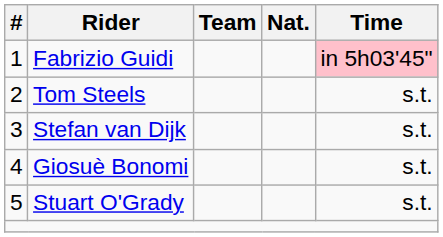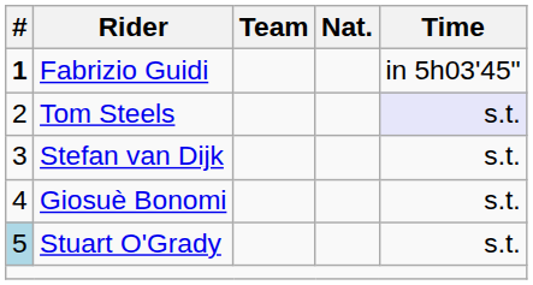 <table class=wikitable>
 <tr>
 <th align=right>#</th>
 <th>Rider</th>
 <th>Team</th>
 <th>Nat.</th>
 <th align=right>Time</th>
 </tr>
 <tr>
-<td align=right>1</td>
+<td align=right><strong>1</strong></td>
 <td><a href='#'>Fabrizio Guidi</a></td>
 <td></td>
 <td></td>
-<td align=right style="background: pink;">in 5h03'45"</td>
+<td align=right>in 5h03'45"</td>
 </tr>
 <tr>
 <td align=right>2</td>
 <td><a href='#'>Tom Steels</a></td>
 <td></td>
 <td></td>
-<td align=right>s.t.</td>
+<td align=right style="background: lavender;">s.t.</td>
 </tr>
 <tr>
 <td align=right>3</td>
 <td><a href='#'>Stefan van Dijk</a></td>
 <td></td>
 <td></td>
 <td align=right>s.t.</td>
 </tr>
 <tr>
 <td align=right>4</td>
 <td><a href='#'>Giosuè Bonomi</a></td>
 <td></td>
 <td></td>
 <td align=right>s.t.</td>
 </tr>
 <tr>
-<td align=right>5</td>
+<td align=right style="background: lightblue;">5</td>
 <td><a href='#'>Stuart O'Grady</a></td>
 <td></td>
 <td></td>
 <td align=right>s.t.</td>
 </tr>
 <tr>
 <td align=right colspan=5></td>
 </tr>
 </table>
